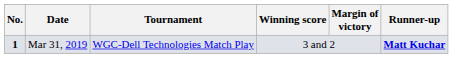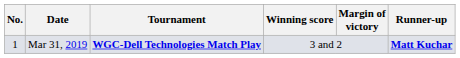 <table class="wikitable" style="font-size:95%;">
 <tr>
 <th>No.</th>
 <th>Date</th>
 <th>Tournament</th>
 <th>Winning score</th>
 <th>Margin of<br>victory</th>
 <th>Runner-up</th>
 </tr>
 <tr style="background:#dfe2e9;">
-<td align=center><strong>1</strong></td>
+<td align=center>1</td>
 <td align=right>Mar 31, <a href='#'>2019</a></td>
-<td><a href='#'>WGC-Dell Technologies Match Play</a></td>
+<td><strong><a href='#'>WGC-Dell Technologies Match Play</a></strong></td>
 <td colspan=2 align=center>3 and 2</td>
 <td><strong> <a href='#'>Matt Kuchar</a></strong></td>
 </tr>
 </table>
